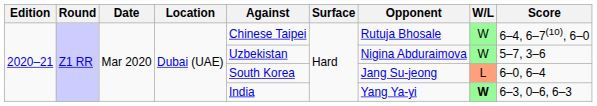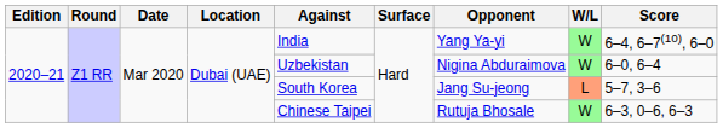 <table class=wikitable>
 <tr>
 <th>Edition</th>
 <th>Round</th>
 <th>Date</th>
 <th>Location</th>
 <th>Against</th>
 <th>Surface</th>
 <th>Opponent</th>
 <th>W/L</th>
 <th>Score</th>
 </tr>
 <tr>
 <td rowspan="4"><a href='#'>2020–21</a></td>
 <td style="background:#ccccff;" rowspan=4><a href='#'>Z1 RR</a></td>
 <td rowspan="4">Mar 2020</td>
 <td rowspan=4><a href='#'>Dubai</a> (UAE)</td>
-<td> <a href='#'>Chinese Taipei</a></td>
+<td> <a href='#'>India</a></td>
 <td rowspan=4>Hard</td>
-<td><a href='#'>Rutuja Bhosale</a></td>
+<td><a href='#'>Yang Ya-yi</a></td>
 <td style="text-align:center; background:#98fb98;">W</td>
 <td>6–4, 6–7<sup>(10)</sup>, 6–0</td>
 </tr>
 <tr>
 <td> <a href='#'>Uzbekistan</a></td>
 <td><a href='#'>Nigina Abduraimova</a></td>
 <td style="text-align:center; background:#98fb98;">W</td>
-<td>5–7, 3–6</td>
+<td>6–0, 6–4</td>
 </tr>
 <tr>
 <td> <a href='#'>South Korea</a></td>
 <td><a href='#'>Jang Su-jeong</a></td>
 <td style="text-align:center; background:#ffa07a;">L</td>
-<td>6–0, 6–4</td>
+<td>5–7, 3–6</td>
 </tr>
 <tr>
-<td> <a href='#'>India</a></td>
-<td><a href='#'>Yang Ya-yi</a></td>
-<td style="text-align:center; background:#98fb98;"><strong>W</strong></td>
+<td> <a href='#'>Chinese Taipei</a></td>
+<td><a href='#'>Rutuja Bhosale</a></td>
+<td style="text-align:center; background:#98fb98;">W</td>
 <td>6–3, 0–6, 6–3</td>
 </tr>
 </table>
